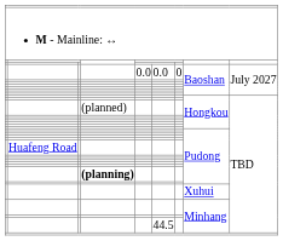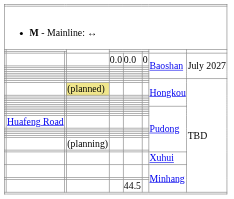 <table border=1 style="border-collapse: collapse;" class="mw-collapsible">
 <tr>
 <th colspan="11" style="text-align: center"></th>
 </tr>
 <tr>
 <td colspan="11" style="text-align: left"><br><ul><li><strong>M</strong> - Mainline:  ↔ </li></ul></td>
 </tr>
 <tr>
 <th rowspan="1" colspan="1"></th>
 <th colspan="2"></th>
 <th rowspan="2"></th>
 <th colspan="3" rowspan="1"></th>
 <th rowspan="2"></th>
 <th rowspan="2"></th>
 </tr>
 <tr>
 <th rowspan="1"></th>
 <th></th>
 <th></th>
 <th colspan="2"></th>
 <th></th>
 </tr>
 <tr>
 <td align="center"></td>
 <td></td>
 <td></td>
 <td></td>
 <td>0.0</td>
 <td>0.0</td>
 <td>0</td>
 <td rowspan="8"><a href='#'>Baoshan</a></td>
 <td rowspan="8">July 2027</td>
 </tr>
 <tr>
 <td align="center"></td>
 <td></td>
 <td></td>
 <td></td>
 <td></td>
 <td></td>
 <td></td>
 </tr>
 <tr>
 <td align="center"></td>
 <td></td>
 <td></td>
 <td></td>
 <td></td>
 <td></td>
 <td></td>
 </tr>
 <tr>
 <td align="center"></td>
 <td></td>
 <td></td>
 <td></td>
 <td></td>
 <td></td>
 <td></td>
 </tr>
 <tr>
 <td align="center"></td>
 <td></td>
 <td></td>
 <td></td>
 <td></td>
 <td></td>
 <td></td>
 </tr>
 <tr>
 <td align="center"></td>
 <td></td>
 <td></td>
 <td></td>
 <td></td>
 <td></td>
 <td></td>
 </tr>
 <tr>
 <td></td>
 <td></td>
 <td></td>
 <td></td>
 <td></td>
 <td></td>
 <td></td>
 </tr>
 <tr>
 <td align="center"></td>
 <td></td>
 <td></td>
 <td></td>
 <td></td>
 <td></td>
 <td></td>
 </tr>
 <tr>
 <td align="center"></td>
 <td></td>
 <td></td>
 <td></td>
 <td></td>
 <td></td>
 <td></td>
 <td rowspan="9"><a href='#'>Hongkou</a></td>
 <td rowspan=26>TBD</td>
 </tr>
 <tr>
 <td align="center"></td>
 <td></td>
 <td></td>
 <td></td>
 <td></td>
 <td></td>
 <td></td>
 </tr>
 <tr>
 <td align="center"></td>
 <td></td>
 <td></td>
-<td> (planned)</td>
+<td style="background: khaki;"> (planned)</td>
 <td></td>
 <td></td>
 <td></td>
 </tr>
 <tr>
 <td align="center"></td>
 <td></td>
 <td></td>
 <td></td>
 <td></td>
 <td></td>
 <td></td>
 </tr>
 <tr>
 <td align="center"></td>
 <td></td>
 <td></td>
 <td></td>
 <td></td>
 <td></td>
 <td></td>
 </tr>
 <tr>
 <td align="center"></td>
 <td></td>
 <td></td>
 <td></td>
 <td></td>
 <td></td>
 <td></td>
 </tr>
 <tr>
 <td align="center"></td>
 <td></td>
 <td></td>
 <td> </td>
 <td></td>
 <td></td>
 <td></td>
 </tr>
 <tr>
 <td align="center"></td>
 <td></td>
 <td></td>
 <td></td>
 <td></td>
 <td></td>
 <td></td>
 </tr>
 <tr>
 <td align="center"></td>
 <td></td>
 <td></td>
 <td></td>
 <td></td>
 <td></td>
 <td></td>
 </tr>
 <tr>
 <td align="center"></td>
 <td></td>
 <td></td>
 <td> </td>
 <td></td>
 <td></td>
 <td></td>
 <td rowspan="13"><a href='#'>Pudong</a></td>
 </tr>
 <tr>
 <td align="center"></td>
 <td></td>
 <td></td>
 <td></td>
 <td></td>
 <td></td>
 <td></td>
 </tr>
 <tr>
 <td align="center"></td>
 <td></td>
 <td></td>
 <td></td>
 <td></td>
 <td></td>
 <td></td>
 </tr>
 <tr>
 <td align="center"></td>
 <td></td>
 <td></td>
 <td></td>
 <td></td>
 <td></td>
 <td></td>
 </tr>
 <tr>
 <td align="center"></td>
 <td></td>
 <td></td>
 <td></td>
 <td></td>
 <td></td>
 <td></td>
 </tr>
 <tr>
 <td align="center"></td>
 <td><a href='#'>Huafeng Road</a></td>
 <td></td>
 <td></td>
 <td></td>
 <td></td>
 <td></td>
 </tr>
 <tr>
 <td align="center"></td>
 <td></td>
 <td></td>
 <td></td>
 <td></td>
 <td></td>
 <td></td>
 </tr>
 <tr>
 <td align="center"></td>
 <td></td>
 <td></td>
 <td></td>
 <td></td>
 <td></td>
 <td></td>
 </tr>
 <tr>
 <td align="center"></td>
 <td></td>
 <td></td>
 <td></td>
 <td></td>
 <td></td>
 <td></td>
 </tr>
 <tr>
 <td align="center"></td>
 <td></td>
 <td></td>
 <td></td>
 <td></td>
 <td></td>
 <td></td>
 </tr>
 <tr>
 <td align="center"></td>
 <td></td>
 <td></td>
 <td>  </td>
 <td></td>
 <td></td>
 <td></td>
 </tr>
 <tr>
 <td align="center"></td>
 <td></td>
 <td></td>
-<td><strong>  (planning)</strong></td>
+<td>  (planning)</td>
 <td></td>
 <td></td>
 <td></td>
 </tr>
 <tr>
 <td align="center"></td>
 <td></td>
 <td></td>
 <td> </td>
 <td></td>
 <td></td>
 <td></td>
 </tr>
 <tr>
 <td align="center"></td>
 <td></td>
 <td></td>
 <td></td>
 <td></td>
 <td></td>
 <td></td>
 <td><a href='#'>Xuhui</a></td>
 </tr>
 <tr>
 <td align="center"></td>
 <td></td>
 <td></td>
 <td><br> </td>
 <td></td>
 <td></td>
 <td></td>
 <td rowspan="3"><a href='#'>Minhang</a></td>
 </tr>
 <tr>
 <td align="center"></td>
 <td></td>
 <td></td>
 <td></td>
 <td></td>
 <td></td>
 <td></td>
 </tr>
 <tr>
 <td align="center"></td>
 <td></td>
 <td></td>
 <td></td>
 <td></td>
 <td>44.5</td>
 <td></td>
 </tr>
 <tr style="background:#">
 <td colspan="9"></td>
 </tr>
 </table>
